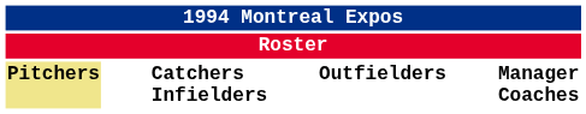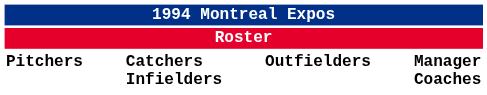 <table class="toccolours" style="font-size: 95%;">
 <tr>
 <th colspan="10" style="background-color: #003087; color: #FFFFFF; text-align: center;">1994 Montreal Expos</th>
 </tr>
 <tr>
 <td colspan="10" style="background-color: #E4002B; color: #FFFFFF; text-align: center;"><strong>Roster</strong></td>
 </tr>
 <tr>
-<td valign="top" style="background: khaki;"><strong>Pitchers</strong><br>               </td>
+<td valign="top"><strong>Pitchers</strong><br>               </td>
 <td width="25px"></td>
 <td valign="top"><strong>Catchers</strong><br>   <strong>Infielders</strong>        </td>
 <td width="25px"></td>
 <td valign="top"><strong>Outfielders</strong><br>    </td>
 <td width="25px"></td>
 <td valign="top"><strong>Manager</strong><br> <strong>Coaches</strong>      </td>
 </tr>
 </table>
